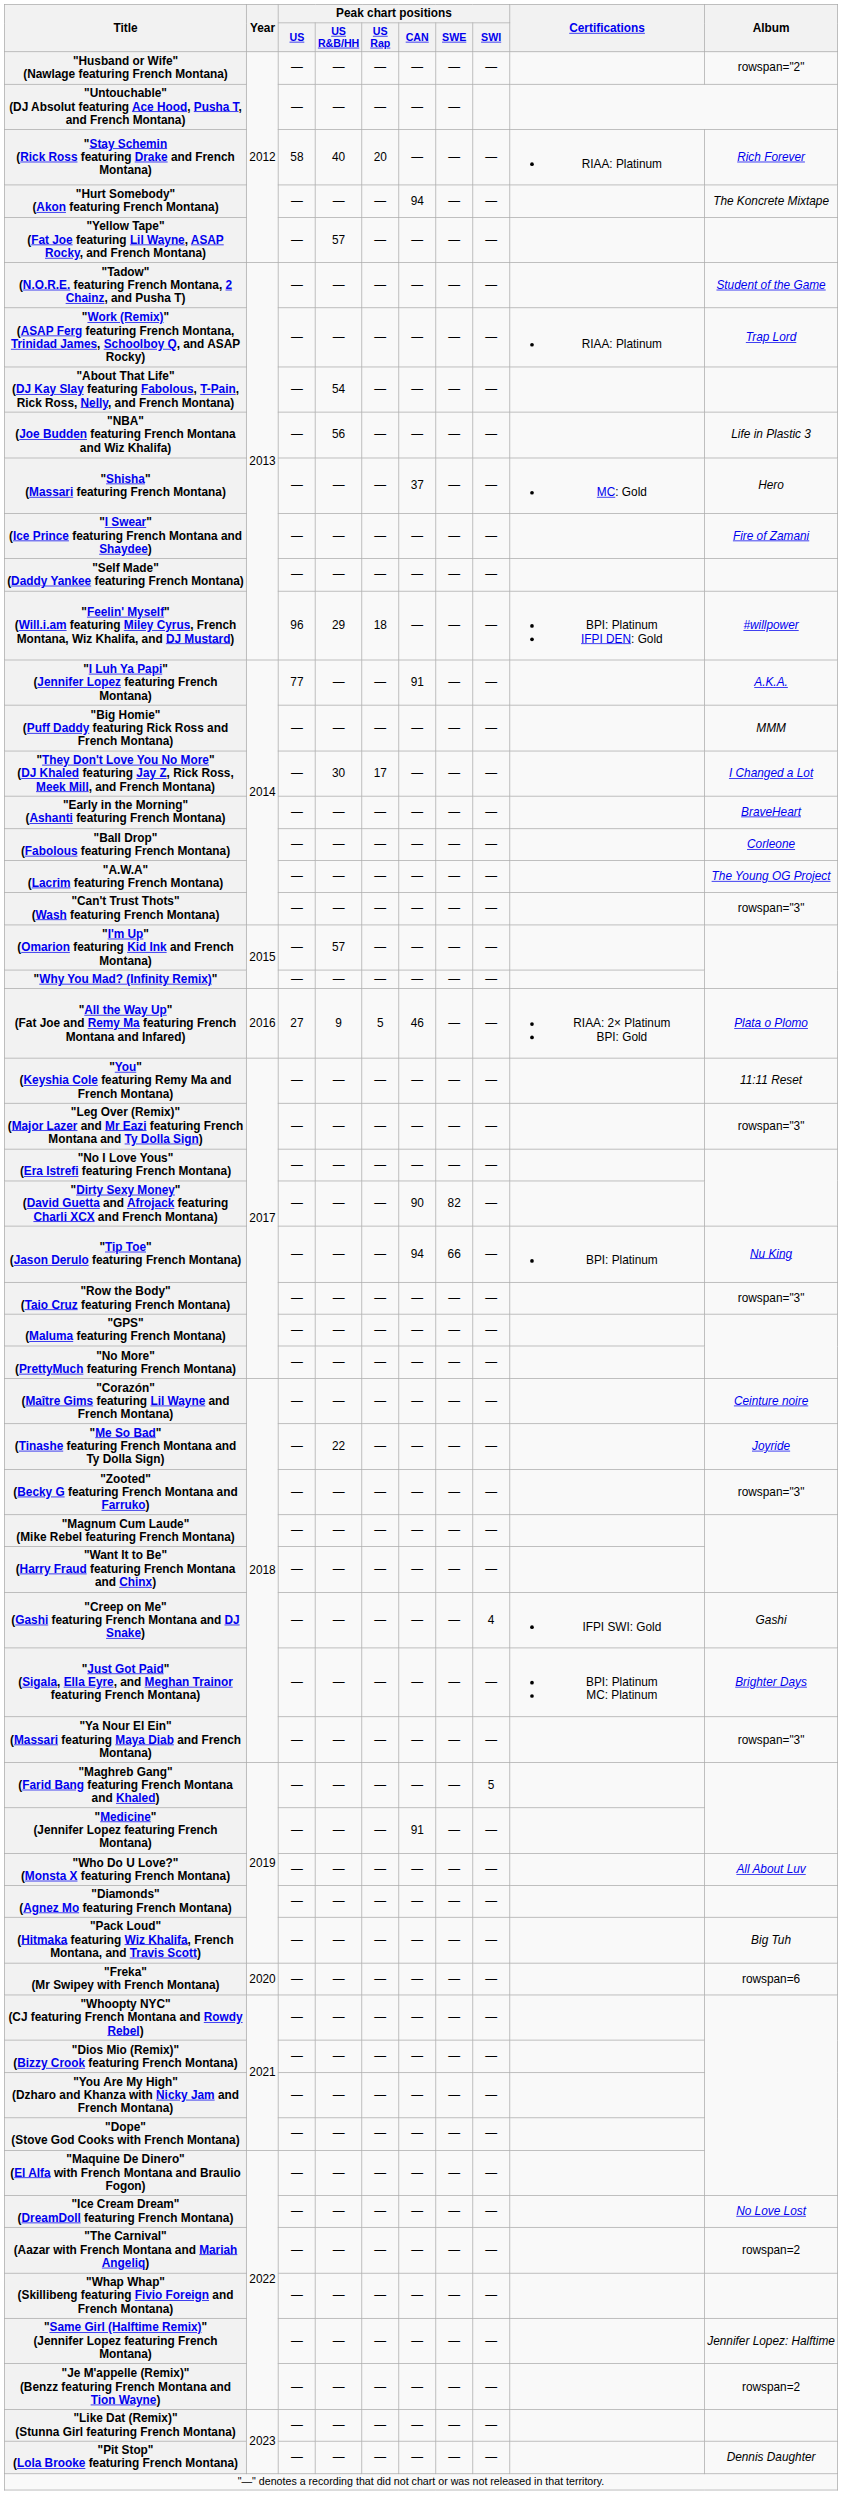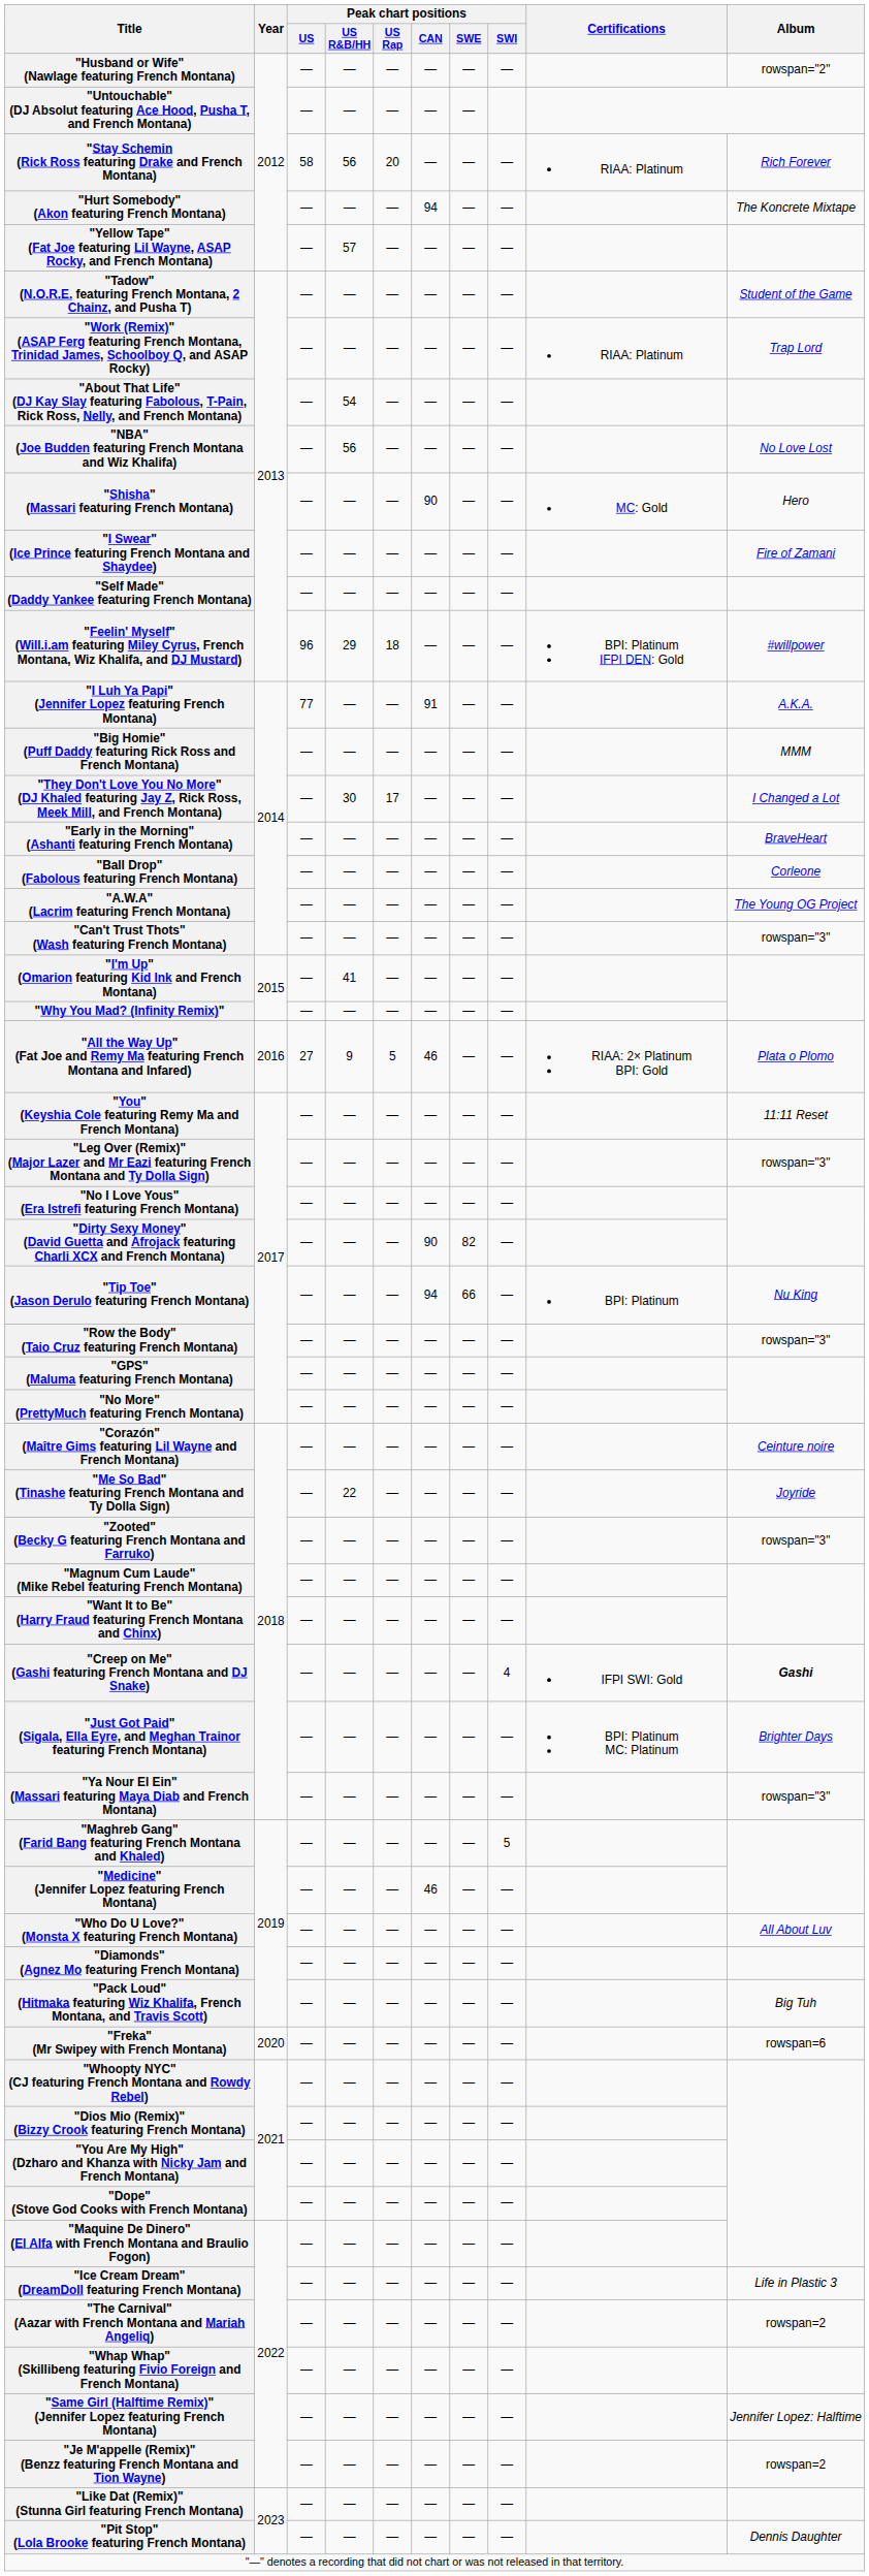 <table class="wikitable plainrowheaders" style="text-align:center;">
 <tr>
 <th scope="col" rowspan="2" style="width:20em;">Title</th>
 <th scope="col" rowspan="2" style="width:1em;">Year</th>
 <th scope="col" colspan="6">Peak chart positions</th>
 <th scope="col" rowspan="2" style="width:16em;"><a href='#'>Certifications</a></th>
 <th scope="col" rowspan="2">Album</th>
 </tr>
 <tr>
 <th scope="col" style="width:3em;font-size:90%;"><a href='#'>US</a><br></th>
 <th scope="col" style="width:3em;font-size:90%;"><a href='#'>US<br>R&B/HH</a><br></th>
 <th scope="col" style="width:3em;font-size:90%;"><a href='#'>US<br>Rap</a><br></th>
 <th scope="col" style="width:3em;font-size:90%;"><a href='#'>CAN</a><br></th>
 <th scope="col" style="width:3em;font-size:90%;"><a href='#'>SWE</a><br></th>
 <th scope="col" style="width:3em;font-size:90%;"><a href='#'>SWI</a><br></th>
 </tr>
 <tr>
 <th scope="row">"Husband or Wife"<br><span>(Nawlage featuring French Montana)</span></th>
 <td rowspan="5">2012</td>
 <td>—</td>
 <td>—</td>
 <td>—</td>
 <td>—</td>
 <td>—</td>
 <td>—</td>
 <td></td>
 <td>rowspan="2" </td>
 </tr>
 <tr>
 <th scope="row">"Untouchable"<br><span>(DJ Absolut featuring <a href='#'>Ace Hood</a>, <a href='#'>Pusha T</a>, and French Montana)</span></th>
 <td>—</td>
 <td>—</td>
 <td>—</td>
 <td>—</td>
 <td>—</td>
 <td></td>
 </tr>
 <tr>
 <th scope="row">"<a href='#'>Stay Schemin</a><br><span>(<a href='#'>Rick Ross</a> featuring <a href='#'>Drake</a> and French Montana)</span></th>
 <td>58</td>
-<td>40</td>
+<td>56</td>
 <td>20</td>
 <td>—</td>
 <td>—</td>
 <td>—</td>
 <td><br><ul><li>RIAA: Platinum</li></ul></td>
 <td><em><a href='#'>Rich Forever</a></em></td>
 </tr>
 <tr>
 <th scope="row">"Hurt Somebody"<br><span>(<a href='#'>Akon</a> featuring French Montana)</span></th>
 <td>—</td>
 <td>—</td>
 <td>—</td>
 <td>94</td>
 <td>—</td>
 <td>—</td>
 <td></td>
 <td><em>The Koncrete Mixtape</em></td>
 </tr>
 <tr>
 <th scope="row">"Yellow Tape"<br><span>(<a href='#'>Fat Joe</a> featuring <a href='#'>Lil Wayne</a>, <a href='#'>ASAP Rocky</a>, and French Montana)</span></th>
 <td>—</td>
 <td>57</td>
 <td>—</td>
 <td>—</td>
 <td>—</td>
 <td>—</td>
 <td></td>
 <td></td>
 </tr>
 <tr>
 <th scope="row">"Tadow"<br><span>(<a href='#'>N.O.R.E.</a> featuring French Montana, <a href='#'>2 Chainz</a>, and Pusha T)</span></th>
 <td rowspan="8">2013</td>
 <td>—</td>
 <td>—</td>
 <td>—</td>
 <td>—</td>
 <td>—</td>
 <td>—</td>
 <td></td>
 <td><em><a href='#'>Student of the Game</a></em></td>
 </tr>
 <tr>
 <th scope="row">"<a href='#'>Work (Remix)</a>"<br><span>(<a href='#'>ASAP Ferg</a> featuring French Montana, <a href='#'>Trinidad James</a>, <a href='#'>Schoolboy Q</a>, and ASAP Rocky)</span></th>
 <td>—</td>
 <td>—</td>
 <td>—</td>
 <td>—</td>
 <td>—</td>
 <td>—</td>
 <td><br><ul><li>RIAA: Platinum</li></ul></td>
 <td><em><a href='#'>Trap Lord</a></em></td>
 </tr>
 <tr>
 <th scope="row">"About That Life"<br><span>(<a href='#'>DJ Kay Slay</a> featuring <a href='#'>Fabolous</a>, <a href='#'>T-Pain</a>, Rick Ross, <a href='#'>Nelly</a>, and French Montana)</span></th>
 <td>—</td>
 <td>54</td>
 <td>—</td>
 <td>—</td>
 <td>—</td>
 <td>—</td>
 <td></td>
 <td></td>
 </tr>
 <tr>
 <th scope="row">"NBA"<br><span>(<a href='#'>Joe Budden</a> featuring French Montana and Wiz Khalifa)</span></th>
 <td>—</td>
 <td>56</td>
 <td>—</td>
 <td>—</td>
 <td>—</td>
 <td>—</td>
 <td></td>
-<td><em>Life in Plastic 3</em></td>
+<td><em><a href='#'>No Love Lost</a></em></td>
 </tr>
 <tr>
 <th scope="row">"<a href='#'>Shisha</a>"<br><span>(<a href='#'>Massari</a> featuring French Montana)</span></th>
 <td>—</td>
 <td>—</td>
 <td>—</td>
-<td>37</td>
+<td>90</td>
 <td>—</td>
 <td>—</td>
 <td><br><ul><li><a href='#'>MC</a>: Gold</li></ul></td>
 <td><em>Hero</em></td>
 </tr>
 <tr>
 <th scope="row">"<a href='#'>I Swear</a>"<br><span>(<a href='#'>Ice Prince</a> featuring French Montana and <a href='#'>Shaydee</a>)</span></th>
 <td>—</td>
 <td>—</td>
 <td>—</td>
 <td>—</td>
 <td>—</td>
 <td>—</td>
 <td></td>
 <td><em><a href='#'>Fire of Zamani</a></em></td>
 </tr>
 <tr>
 <th scope="row">"Self Made"<br><span>(<a href='#'>Daddy Yankee</a> featuring French Montana)</span></th>
 <td>—</td>
 <td>—</td>
 <td>—</td>
 <td>—</td>
 <td>—</td>
 <td>—</td>
 <td></td>
 <td></td>
 </tr>
 <tr>
 <th scope="row">"<a href='#'>Feelin' Myself</a>"<br><span>(<a href='#'>Will.i.am</a> featuring <a href='#'>Miley Cyrus</a>, French Montana, Wiz Khalifa, and <a href='#'>DJ Mustard</a>)</span></th>
 <td>96</td>
 <td>29</td>
 <td>18</td>
 <td>—</td>
 <td>—</td>
 <td>—</td>
 <td><br><ul><li>BPI: Platinum</li><li><a href='#'>IFPI DEN</a>: Gold</li></ul></td>
 <td><em><a href='#'>#willpower</a></em></td>
 </tr>
 <tr>
 <th scope="row">"<a href='#'>I Luh Ya Papi</a>"<br><span>(<a href='#'>Jennifer Lopez</a> featuring French Montana)</span></th>
 <td rowspan="7">2014</td>
 <td>77</td>
 <td>—</td>
 <td>—</td>
 <td>91</td>
 <td>—</td>
 <td>—</td>
 <td></td>
 <td><em><a href='#'>A.K.A.</a></em></td>
 </tr>
 <tr>
 <th scope="row">"Big Homie"<br><span>(<a href='#'>Puff Daddy</a> featuring Rick Ross and French Montana)</span></th>
 <td>—</td>
 <td>—</td>
 <td>—</td>
 <td>—</td>
 <td>—</td>
 <td>—</td>
 <td></td>
 <td><em>MMM</em></td>
 </tr>
 <tr>
 <th scope="row">"<a href='#'>They Don't Love You No More</a>"<br><span>(<a href='#'>DJ Khaled</a> featuring <a href='#'>Jay Z</a>, Rick Ross, <a href='#'>Meek Mill</a>, and French Montana)</span></th>
 <td>—</td>
 <td>30</td>
 <td>17</td>
 <td>—</td>
 <td>—</td>
 <td>—</td>
 <td></td>
 <td><em><a href='#'>I Changed a Lot</a></em></td>
 </tr>
 <tr>
 <th scope="row">"Early in the Morning"<br><span>(<a href='#'>Ashanti</a> featuring French Montana)</span></th>
 <td>—</td>
 <td>—</td>
 <td>—</td>
 <td>—</td>
 <td>—</td>
 <td>—</td>
 <td></td>
 <td><em><a href='#'>BraveHeart</a></em></td>
 </tr>
 <tr>
 <th scope="row">"Ball Drop"<br><span>(<a href='#'>Fabolous</a> featuring French Montana)</span></th>
 <td>—</td>
 <td>—</td>
 <td>—</td>
 <td>—</td>
 <td>—</td>
 <td>—</td>
 <td></td>
 <td><em><a href='#'>Corleone</a></em></td>
 </tr>
 <tr>
 <th scope="row">"A.W.A"<br><span>(<a href='#'>Lacrim</a> featuring French Montana)</span></th>
 <td>—</td>
 <td>—</td>
 <td>—</td>
 <td>—</td>
 <td>—</td>
 <td>—</td>
 <td></td>
 <td><em><a href='#'>The Young OG Project</a></em></td>
 </tr>
 <tr>
 <th scope="row">"Can't Trust Thots"<br><span>(<a href='#'>Wash</a> featuring French Montana)</span></th>
 <td>—</td>
 <td>—</td>
 <td>—</td>
 <td>—</td>
 <td>—</td>
 <td>—</td>
 <td></td>
 <td>rowspan="3" </td>
 </tr>
 <tr>
 <th scope="row">"<a href='#'>I'm Up</a>"<br><span>(<a href='#'>Omarion</a> featuring <a href='#'>Kid Ink</a> and French Montana)</span></th>
 <td rowspan="2">2015</td>
 <td>—</td>
-<td>57</td>
+<td>41</td>
 <td>—</td>
 <td>—</td>
 <td>—</td>
 <td>—</td>
 <td></td>
 </tr>
 <tr>
 <th scope="row">"<a href='#'>Why You Mad? (Infinity Remix)</a>"<br></th>
 <td>—</td>
 <td>—</td>
 <td>—</td>
 <td>—</td>
 <td>—</td>
 <td>—</td>
 <td></td>
 </tr>
 <tr>
 <th scope="row">"<a href='#'>All the Way Up</a>"<br><span>(Fat Joe and <a href='#'>Remy Ma</a> featuring French Montana and Infared)</span></th>
 <td>2016</td>
 <td>27</td>
 <td>9</td>
 <td>5</td>
 <td>46</td>
 <td>—</td>
 <td>—</td>
 <td><br><ul><li>RIAA: 2× Platinum</li><li>BPI: Gold</li></ul></td>
 <td><em><a href='#'>Plata o Plomo</a></em></td>
 </tr>
 <tr>
 <th scope="row">"<a href='#'>You</a>"<br><span>(<a href='#'>Keyshia Cole</a> featuring Remy Ma and French Montana)</span></th>
 <td rowspan="8">2017</td>
 <td>—</td>
 <td>—</td>
 <td>—</td>
 <td>—</td>
 <td>—</td>
 <td>—</td>
 <td></td>
 <td><em>11:11 Reset</em></td>
 </tr>
 <tr>
 <th scope="row">"Leg Over (Remix)"<br><span>(<a href='#'>Major Lazer</a> and <a href='#'>Mr Eazi</a> featuring French Montana and <a href='#'>Ty Dolla Sign</a>)</span></th>
 <td>—</td>
 <td>—</td>
 <td>—</td>
 <td>—</td>
 <td>—</td>
 <td>—</td>
 <td></td>
 <td>rowspan="3" </td>
 </tr>
 <tr>
 <th scope="row">"No I Love Yous"<br><span>(<a href='#'>Era Istrefi</a> featuring French Montana)</span></th>
 <td>—</td>
 <td>—</td>
 <td>—</td>
 <td>—</td>
 <td>—</td>
 <td>—</td>
 <td></td>
 </tr>
 <tr>
 <th scope="row">"<a href='#'>Dirty Sexy Money</a>"<br><span>(<a href='#'>David Guetta</a> and <a href='#'>Afrojack</a> featuring <a href='#'>Charli XCX</a> and French Montana)</span></th>
 <td>—</td>
 <td>—</td>
 <td>—</td>
 <td>90</td>
 <td>82</td>
 <td>—</td>
 <td></td>
 </tr>
 <tr>
 <th scope="row">"<a href='#'>Tip Toe</a>"<br><span>(<a href='#'>Jason Derulo</a> featuring French Montana)</span></th>
 <td>—</td>
 <td>—</td>
 <td>—</td>
 <td>94</td>
 <td>66</td>
 <td>—</td>
 <td><br><ul><li>BPI: Platinum</li></ul></td>
 <td><em><a href='#'>Nu King</a></em></td>
 </tr>
 <tr>
 <th scope="row">"Row the Body"<br><span>(<a href='#'>Taio Cruz</a> featuring French Montana)</span></th>
 <td>—</td>
 <td>—</td>
 <td>—</td>
 <td>—</td>
 <td>—</td>
 <td>—</td>
 <td></td>
 <td>rowspan="3" </td>
 </tr>
 <tr>
 <th scope="row">"GPS"<br><span>(<a href='#'>Maluma</a> featuring French Montana)</span></th>
 <td>—</td>
 <td>—</td>
 <td>—</td>
 <td>—</td>
 <td>—</td>
 <td>—</td>
 <td></td>
 </tr>
 <tr>
 <th scope="row">"No More"<br><span>(<a href='#'>PrettyMuch</a> featuring French Montana)</span></th>
 <td>—</td>
 <td>—</td>
 <td>—</td>
 <td>—</td>
 <td>—</td>
 <td>—</td>
 <td></td>
 </tr>
 <tr>
 <th scope="row">"Corazón"<br><span>(<a href='#'>Maître Gims</a> featuring <a href='#'>Lil Wayne</a> and French Montana)</span></th>
 <td rowspan="8">2018</td>
 <td>—</td>
 <td>—</td>
 <td>—</td>
 <td>—</td>
 <td>—</td>
 <td>—</td>
 <td></td>
 <td><em><a href='#'>Ceinture noire</a></em></td>
 </tr>
 <tr>
 <th scope="row">"<a href='#'>Me So Bad</a>"<br><span>(<a href='#'>Tinashe</a> featuring French Montana and Ty Dolla Sign)</span></th>
 <td>—</td>
 <td>22</td>
 <td>—</td>
 <td>—</td>
 <td>—</td>
 <td>—</td>
 <td></td>
 <td><em><a href='#'>Joyride</a></em></td>
 </tr>
 <tr>
 <th scope="row">"Zooted"<br><span>(<a href='#'>Becky G</a> featuring French Montana and <a href='#'>Farruko</a>)</span></th>
 <td>—</td>
 <td>—</td>
 <td>—</td>
 <td>—</td>
 <td>—</td>
 <td>—</td>
 <td></td>
 <td>rowspan="3" </td>
 </tr>
 <tr>
 <th scope="row">"Magnum Cum Laude"<br><span>(Mike Rebel featuring French Montana)</span></th>
 <td>—</td>
 <td>—</td>
 <td>—</td>
 <td>—</td>
 <td>—</td>
 <td>—</td>
 <td></td>
 </tr>
 <tr>
 <th scope="row">"Want It to Be"<br><span>(<a href='#'>Harry Fraud</a> featuring French Montana and <a href='#'>Chinx</a>)</span></th>
 <td>—</td>
 <td>—</td>
 <td>—</td>
 <td>—</td>
 <td>—</td>
 <td>—</td>
 <td></td>
 </tr>
 <tr>
 <th scope="row">"Creep on Me"<br><span>(<a href='#'>Gashi</a> featuring French Montana and <a href='#'>DJ Snake</a>)</span></th>
 <td>—</td>
 <td>—</td>
 <td>—</td>
 <td>—</td>
 <td>—</td>
 <td>4</td>
 <td><br><ul><li>IFPI SWI: Gold</li></ul></td>
-<td><em>Gashi</em></td>
+<td><strong><em>Gashi</em></strong></td>
 </tr>
 <tr>
 <th scope="row">"<a href='#'>Just Got Paid</a>"<br><span>(<a href='#'>Sigala</a>, <a href='#'>Ella Eyre</a>, and <a href='#'>Meghan Trainor</a> featuring French Montana)</span></th>
 <td>—</td>
 <td>—</td>
 <td>—</td>
 <td>—</td>
 <td>—</td>
 <td>—</td>
 <td><br><ul><li>BPI: Platinum</li><li>MC: Platinum</li></ul></td>
 <td><em><a href='#'>Brighter Days</a></em></td>
 </tr>
 <tr>
 <th scope="row">"Ya Nour El Ein"<br><span>(<a href='#'>Massari</a> featuring <a href='#'>Maya Diab</a> and French Montana)</span></th>
 <td>—</td>
 <td>—</td>
 <td>—</td>
 <td>—</td>
 <td>—</td>
 <td>—</td>
 <td></td>
 <td>rowspan="3" </td>
 </tr>
 <tr>
 <th scope="row">"Maghreb Gang"<br><span>(<a href='#'>Farid Bang</a> featuring French Montana and <a href='#'>Khaled</a>)</span></th>
 <td rowspan="5">2019</td>
 <td>—</td>
 <td>—</td>
 <td>—</td>
 <td>—</td>
 <td>—</td>
 <td>5</td>
 <td></td>
 </tr>
 <tr>
 <th scope="row">"<a href='#'>Medicine</a>"<br><span>(Jennifer Lopez featuring French Montana)</span></th>
 <td>—</td>
 <td>—</td>
 <td>—</td>
-<td>91</td>
+<td>46</td>
 <td>—</td>
 <td>—</td>
 <td></td>
 </tr>
 <tr>
 <th scope="row">"Who Do U Love?"<br><span>(<a href='#'>Monsta X</a> featuring French Montana)</span></th>
 <td>—</td>
 <td>—</td>
 <td>—</td>
 <td>—</td>
 <td>—</td>
 <td>—</td>
 <td></td>
 <td><em><a href='#'>All About Luv</a></em></td>
 </tr>
 <tr>
 <th scope="row">"Diamonds"<br><span>(<a href='#'>Agnez Mo</a> featuring French Montana)</span></th>
 <td>—</td>
 <td>—</td>
 <td>—</td>
 <td>—</td>
 <td>—</td>
 <td>—</td>
 <td></td>
 <td></td>
 </tr>
 <tr>
 <th scope="row">"Pack Loud"<br><span>(<a href='#'>Hitmaka</a> featuring <a href='#'>Wiz Khalifa</a>, French Montana, and <a href='#'>Travis Scott</a>)</span></th>
 <td>—</td>
 <td>—</td>
 <td>—</td>
 <td>—</td>
 <td>—</td>
 <td>—</td>
 <td></td>
 <td><em>Big Tuh</em></td>
 </tr>
 <tr>
 <th scope="row">"Freka"<br><span>(Mr Swipey with French Montana)</span></th>
 <td>2020</td>
 <td>—</td>
 <td>—</td>
 <td>—</td>
 <td>—</td>
 <td>—</td>
 <td>—</td>
 <td></td>
 <td>rowspan=6 </td>
 </tr>
 <tr>
 <th scope="row">"Whoopty NYC"<br><span>(CJ featuring French Montana and <a href='#'>Rowdy Rebel</a>)</span></th>
 <td rowspan="4">2021</td>
 <td>—</td>
 <td>—</td>
 <td>—</td>
 <td>—</td>
 <td>—</td>
 <td>—</td>
 <td></td>
 </tr>
 <tr>
 <th scope="row">"Dios Mio (Remix)"<br><span>(<a href='#'>Bizzy Crook</a> featuring French Montana)</span></th>
 <td>—</td>
 <td>—</td>
 <td>—</td>
 <td>—</td>
 <td>—</td>
 <td>—</td>
 <td></td>
 </tr>
 <tr>
 <th scope="row">"You Are My High"<br><span>(Dzharo and Khanza with <a href='#'>Nicky Jam</a> and French Montana)</span></th>
 <td>—</td>
 <td>—</td>
 <td>—</td>
 <td>—</td>
 <td>—</td>
 <td>—</td>
 <td></td>
 </tr>
 <tr>
 <th scope="row">"Dope"<br><span>(Stove God Cooks with French Montana)</span></th>
 <td>—</td>
 <td>—</td>
 <td>—</td>
 <td>—</td>
 <td>—</td>
 <td>—</td>
 <td></td>
 </tr>
 <tr>
 <th scope="row">"Maquine De Dinero"<br><span>(<a href='#'>El Alfa</a> with French Montana and Braulio Fogon)</span></th>
 <td rowspan="6">2022</td>
 <td>—</td>
 <td>—</td>
 <td>—</td>
 <td>—</td>
 <td>—</td>
 <td>—</td>
 <td></td>
 </tr>
 <tr>
 <th scope="row">"Ice Cream Dream"<br><span>(<a href='#'>DreamDoll</a> featuring French Montana)</span></th>
 <td>—</td>
 <td>—</td>
 <td>—</td>
 <td>—</td>
 <td>—</td>
 <td>—</td>
 <td></td>
-<td><em><a href='#'>No Love Lost</a></em></td>
+<td><em>Life in Plastic 3</em></td>
 </tr>
 <tr>
 <th scope="row">"The Carnival"<br><span>(Aazar with French Montana and <a href='#'>Mariah Angeliq</a>)</span></th>
 <td>—</td>
 <td>—</td>
 <td>—</td>
 <td>—</td>
 <td>—</td>
 <td>—</td>
 <td></td>
 <td>rowspan=2 </td>
 </tr>
 <tr>
 <th scope="row">"Whap Whap"<br><span>(Skillibeng featuring <a href='#'>Fivio Foreign</a> and French Montana)</span></th>
 <td>—</td>
 <td>—</td>
 <td>—</td>
 <td>—</td>
 <td>—</td>
 <td>—</td>
 <td></td>
 </tr>
 <tr>
 <th scope="row">"<a href='#'>Same Girl (Halftime Remix)</a>"<br><span>(Jennifer Lopez featuring French Montana)</span></th>
 <td>—</td>
 <td>—</td>
 <td>—</td>
 <td>—</td>
 <td>—</td>
 <td>—</td>
 <td></td>
 <td><em>Jennifer Lopez: Halftime</em></td>
 </tr>
 <tr>
 <th scope="row">"Je M'appelle (Remix)"<br><span>(Benzz featuring French Montana and <a href='#'>Tion Wayne</a>)</span></th>
 <td>—</td>
 <td>—</td>
 <td>—</td>
 <td>—</td>
 <td>—</td>
 <td>—</td>
 <td></td>
 <td>rowspan=2 </td>
 </tr>
 <tr>
 <th scope="row">"Like Dat (Remix)"<br><span>(Stunna Girl featuring French Montana)</span></th>
 <td rowspan="2">2023</td>
 <td>—</td>
 <td>—</td>
 <td>—</td>
 <td>—</td>
 <td>—</td>
 <td>—</td>
 <td></td>
 </tr>
 <tr>
 <th scope="row">"Pit Stop"<br><span>(<a href='#'>Lola Brooke</a> featuring French Montana)</span></th>
 <td>—</td>
 <td>—</td>
 <td>—</td>
 <td>—</td>
 <td>—</td>
 <td>—</td>
 <td></td>
 <td><em>Dennis Daughter</em></td>
 </tr>
 <tr>
 <td colspan="13" style="font-size:90%">"—" denotes a recording that did not chart or was not released in that territory.</td>
 </tr>
 </table>
